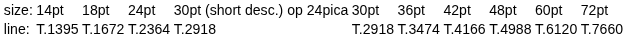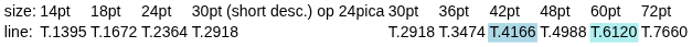 <table style="margin-left:40px;">
 <tr>
 <td>size:</td>
 <td>14pt</td>
 <td>18pt</td>
 <td>24pt</td>
 <td>30pt (short desc.) op 24pica</td>
 <td>30pt</td>
 <td>36pt</td>
 <td>42pt</td>
 <td>48pt</td>
 <td>60pt</td>
 <td>72pt</td>
 </tr>
 <tr>
 <td>line:</td>
 <td>T.1395</td>
 <td>T.1672</td>
 <td>T.2364</td>
 <td>T.2918</td>
 <td>T.2918</td>
 <td>T.3474</td>
-<td>T.4166</td>
+<td style="background: lightblue;">T.4166</td>
 <td>T.4988</td>
-<td>T.6120</td>
+<td style="background: paleturquoise;">T.6120</td>
 <td>T.7660</td>
 </tr>
 </table>
